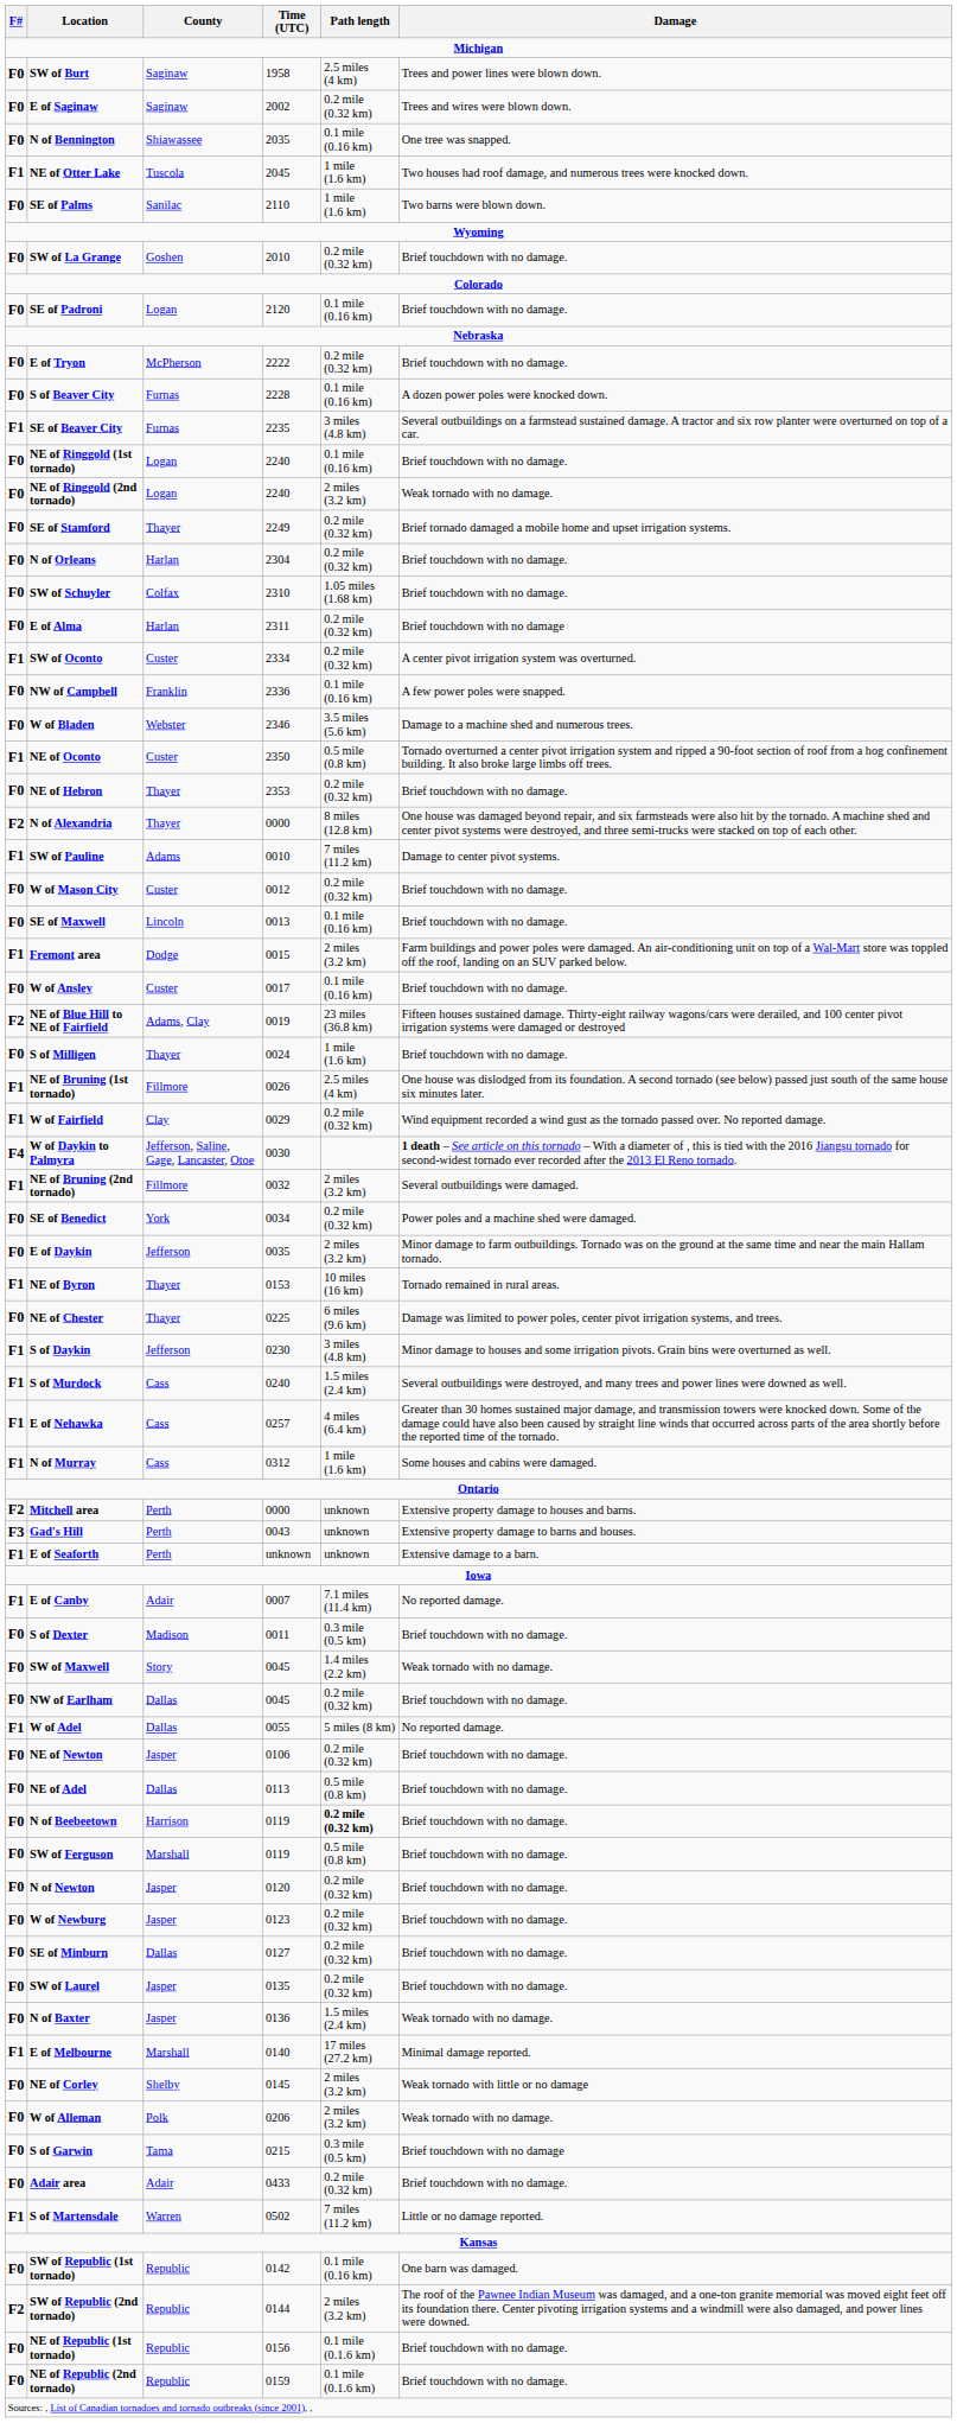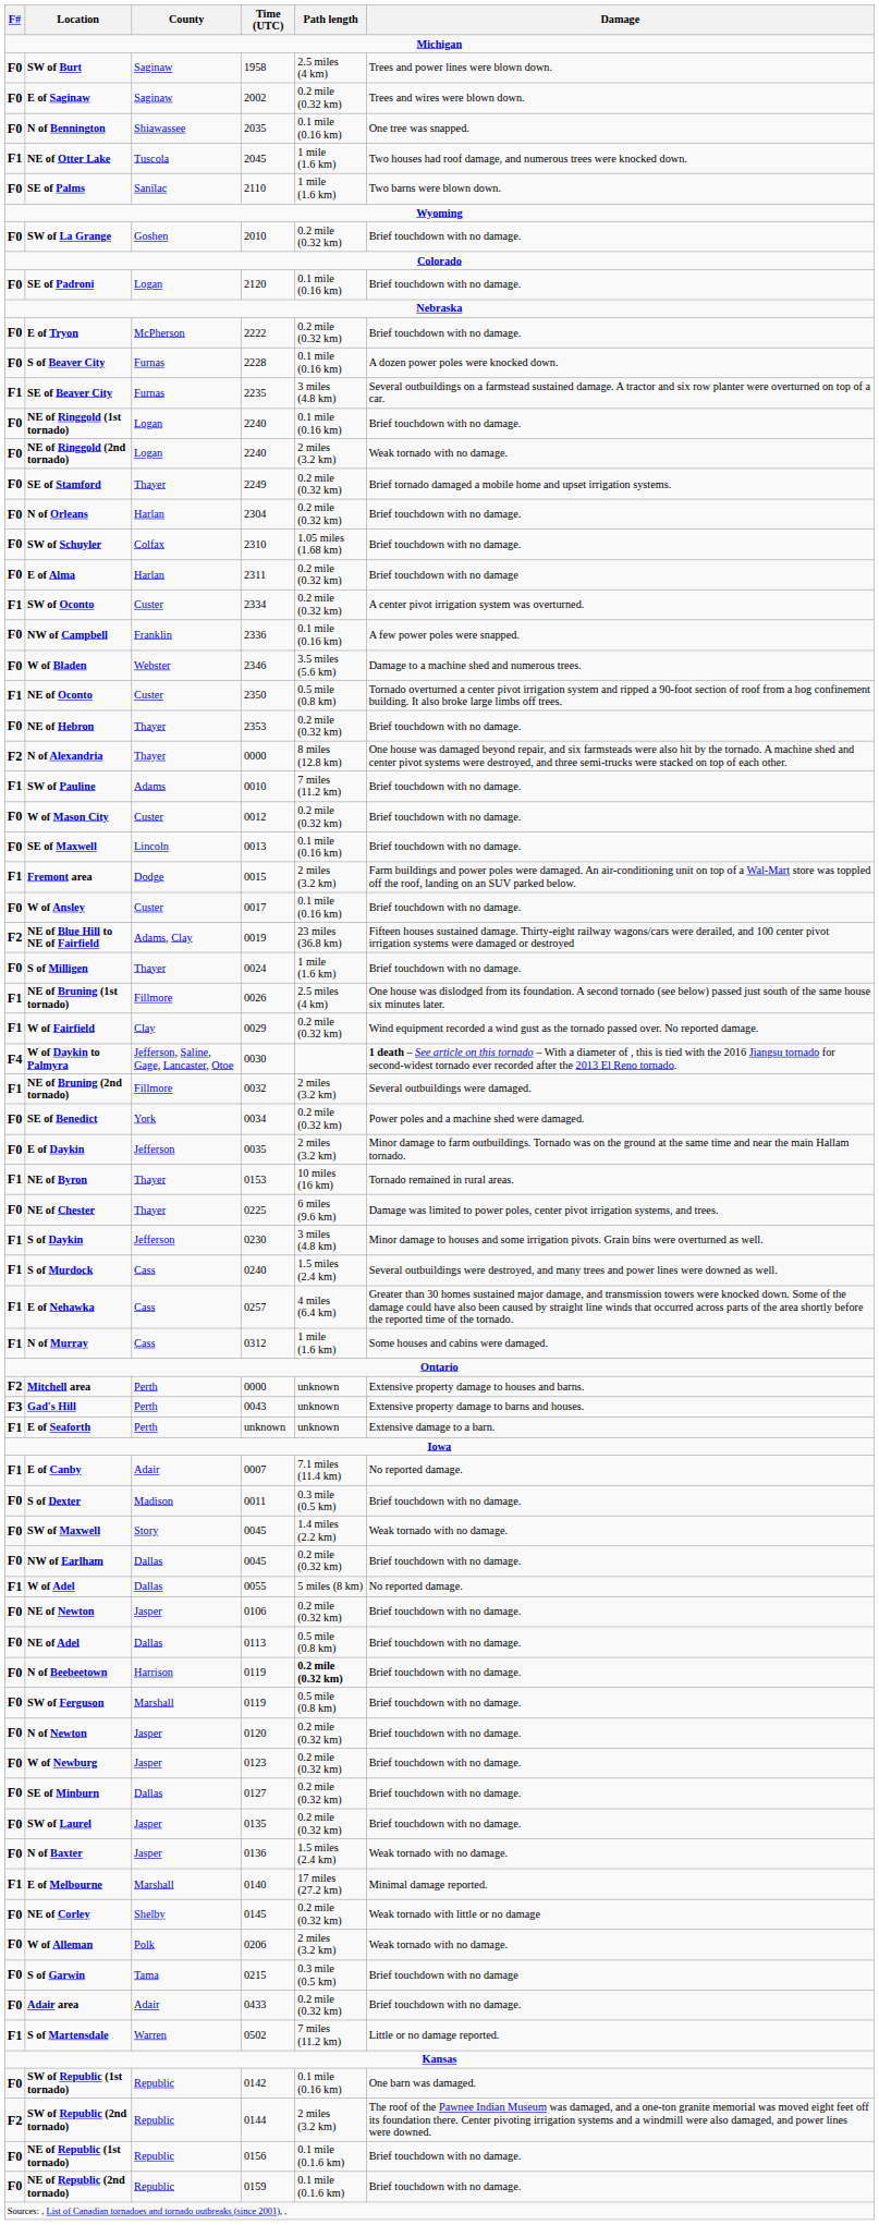 <table class="wikitable">
 <tr>
 <th><strong><a href='#'>F#</a></strong></th>
 <th><strong>Location</strong></th>
 <th><strong>County</strong></th>
 <th><strong>Time (UTC)</strong></th>
 <th><strong>Path length</strong></th>
 <th><strong>Damage</strong></th>
 </tr>
 <tr>
 <td colspan="7" align=center><strong><a href='#'>Michigan</a></strong></td>
 </tr>
 <tr>
 <td><big><strong>F0</strong></big></td>
 <td><strong>SW of <a href='#'>Burt</a></strong></td>
 <td><a href='#'>Saginaw</a></td>
 <td>1958</td>
 <td>2.5 miles (4 km)</td>
 <td>Trees and power lines were blown down.</td>
 </tr>
 <tr>
 <td><big><strong>F0</strong></big></td>
 <td><strong>E of <a href='#'>Saginaw</a></strong></td>
 <td><a href='#'>Saginaw</a></td>
 <td>2002</td>
 <td>0.2 mile (0.32 km)</td>
 <td>Trees and wires were blown down.</td>
 </tr>
 <tr>
 <td><big><strong>F0</strong></big></td>
 <td><strong>N of <a href='#'>Bennington</a></strong></td>
 <td><a href='#'>Shiawassee</a></td>
 <td>2035</td>
 <td>0.1 mile (0.16 km)</td>
 <td>One tree was snapped.</td>
 </tr>
 <tr>
 <td><big><strong>F1</strong></big></td>
 <td><strong>NE of <a href='#'>Otter Lake</a></strong></td>
 <td><a href='#'>Tuscola</a></td>
 <td>2045</td>
 <td>1 mile (1.6 km)</td>
 <td>Two houses had roof damage, and numerous trees were knocked down.</td>
 </tr>
 <tr>
 <td><big><strong>F0</strong></big></td>
 <td><strong>SE of <a href='#'>Palms</a></strong></td>
 <td><a href='#'>Sanilac</a></td>
 <td>2110</td>
 <td>1 mile (1.6 km)</td>
 <td>Two barns were blown down.</td>
 </tr>
 <tr>
 <td colspan="7" align=center><strong><a href='#'>Wyoming</a></strong></td>
 </tr>
 <tr>
 <td><big><strong>F0</strong></big></td>
 <td><strong>SW of <a href='#'>La Grange</a></strong></td>
 <td><a href='#'>Goshen</a></td>
 <td>2010</td>
 <td>0.2 mile (0.32 km)</td>
 <td>Brief touchdown with no damage.</td>
 </tr>
 <tr>
 <td colspan="7" align=center><strong><a href='#'>Colorado</a></strong></td>
 </tr>
 <tr>
 <td><big><strong>F0</strong></big></td>
 <td><strong>SE of <a href='#'>Padroni</a></strong></td>
 <td><a href='#'>Logan</a></td>
 <td>2120</td>
 <td>0.1 mile (0.16 km)</td>
 <td>Brief touchdown with no damage.</td>
 </tr>
 <tr>
 <td colspan="7" align=center><strong><a href='#'>Nebraska</a></strong></td>
 </tr>
 <tr>
 <td><big><strong>F0</strong></big></td>
 <td><strong>E of <a href='#'>Tryon</a></strong></td>
 <td><a href='#'>McPherson</a></td>
 <td>2222</td>
 <td>0.2 mile (0.32 km)</td>
 <td>Brief touchdown with no damage.</td>
 </tr>
 <tr>
 <td><big><strong>F0</strong></big></td>
 <td><strong>S of <a href='#'>Beaver City</a></strong></td>
 <td><a href='#'>Furnas</a></td>
 <td>2228</td>
 <td>0.1 mile (0.16 km)</td>
 <td>A dozen power poles were knocked down.</td>
 </tr>
 <tr>
 <td><big><strong>F1</strong></big></td>
 <td><strong>SE of <a href='#'>Beaver City</a></strong></td>
 <td><a href='#'>Furnas</a></td>
 <td>2235</td>
 <td>3 miles (4.8 km)</td>
 <td>Several outbuildings on a farmstead sustained damage. A tractor and six row planter were overturned on top of a car.</td>
 </tr>
 <tr>
 <td><big><strong>F0</strong></big></td>
 <td><strong>NE of <a href='#'>Ringgold</a> (1st tornado)</strong></td>
 <td><a href='#'>Logan</a></td>
 <td>2240</td>
 <td>0.1 mile (0.16 km)</td>
 <td>Brief touchdown with no damage.</td>
 </tr>
 <tr>
 <td><big><strong>F0</strong></big></td>
 <td><strong>NE of <a href='#'>Ringgold</a> (2nd tornado)</strong></td>
 <td><a href='#'>Logan</a></td>
 <td>2240</td>
 <td>2 miles (3.2 km)</td>
 <td>Weak tornado with no damage.</td>
 </tr>
 <tr>
 <td><big><strong>F0</strong></big></td>
 <td><strong>SE of <a href='#'>Stamford</a></strong></td>
 <td><a href='#'>Thayer</a></td>
 <td>2249</td>
 <td>0.2 mile (0.32 km)</td>
 <td>Brief tornado damaged a mobile home and upset irrigation systems.</td>
 </tr>
 <tr>
 <td><big><strong>F0</strong></big></td>
 <td><strong>N of <a href='#'>Orleans</a></strong></td>
 <td><a href='#'>Harlan</a></td>
 <td>2304</td>
 <td>0.2 mile (0.32 km)</td>
 <td>Brief touchdown with no damage.</td>
 </tr>
 <tr>
 <td><big><strong>F0</strong></big></td>
 <td><strong>SW of <a href='#'>Schuyler</a></strong></td>
 <td><a href='#'>Colfax</a></td>
 <td>2310</td>
 <td>1.05 miles (1.68 km)</td>
 <td>Brief touchdown with no damage.</td>
 </tr>
 <tr>
 <td><big><strong>F0</strong></big></td>
 <td><strong>E of <a href='#'>Alma</a></strong></td>
 <td><a href='#'>Harlan</a></td>
 <td>2311</td>
 <td>0.2 mile (0.32 km)</td>
 <td>Brief touchdown with no damage</td>
 </tr>
 <tr>
 <td><big><strong>F1</strong></big></td>
 <td><strong>SW of <a href='#'>Oconto</a></strong></td>
 <td><a href='#'>Custer</a></td>
 <td>2334</td>
 <td>0.2 mile (0.32 km)</td>
 <td>A center pivot irrigation system was overturned.</td>
 </tr>
 <tr>
 <td><big><strong>F0</strong></big></td>
 <td><strong>NW of <a href='#'>Campbell</a></strong></td>
 <td><a href='#'>Franklin</a></td>
 <td>2336</td>
 <td>0.1 mile (0.16 km)</td>
 <td>A few power poles were snapped.</td>
 </tr>
 <tr>
 <td><big><strong>F0</strong></big></td>
 <td><strong>W of <a href='#'>Bladen</a></strong></td>
 <td><a href='#'>Webster</a></td>
 <td>2346</td>
 <td>3.5 miles (5.6 km)</td>
 <td>Damage to a machine shed and numerous trees.</td>
 </tr>
 <tr>
 <td><big><strong>F1</strong></big></td>
 <td><strong>NE of <a href='#'>Oconto</a></strong></td>
 <td><a href='#'>Custer</a></td>
 <td>2350</td>
 <td>0.5 mile (0.8 km)</td>
 <td>Tornado overturned a center pivot irrigation system and ripped a 90-foot section of roof from a hog confinement building. It also broke large limbs off trees.</td>
 </tr>
 <tr>
 <td><big><strong>F0</strong></big></td>
 <td><strong>NE of <a href='#'>Hebron</a></strong></td>
 <td><a href='#'>Thayer</a></td>
 <td>2353</td>
 <td>0.2 mile (0.32 km)</td>
 <td>Brief touchdown with no damage.</td>
 </tr>
 <tr>
 <td><big><strong>F2</strong></big></td>
 <td><strong>N of <a href='#'>Alexandria</a></strong></td>
 <td><a href='#'>Thayer</a></td>
 <td>0000</td>
 <td>8 miles (12.8 km)</td>
 <td>One house was damaged beyond repair, and six farmsteads were also hit by the tornado. A machine shed and center pivot systems were destroyed, and three semi-trucks were stacked on top of each other.</td>
 </tr>
 <tr>
 <td><big><strong>F1</strong></big></td>
 <td><strong>SW of <a href='#'>Pauline</a></strong></td>
 <td><a href='#'>Adams</a></td>
 <td>0010</td>
 <td>7 miles (11.2 km)</td>
-<td>Damage to center pivot systems.</td>
+<td>Brief touchdown with no damage.</td>
 </tr>
 <tr>
 <td><big><strong>F0</strong></big></td>
 <td><strong>W of <a href='#'>Mason City</a></strong></td>
 <td><a href='#'>Custer</a></td>
 <td>0012</td>
 <td>0.2 mile (0.32 km)</td>
 <td>Brief touchdown with no damage.</td>
 </tr>
 <tr>
 <td><big><strong>F0</strong></big></td>
 <td><strong>SE of <a href='#'>Maxwell</a></strong></td>
 <td><a href='#'>Lincoln</a></td>
 <td>0013</td>
 <td>0.1 mile (0.16 km)</td>
 <td>Brief touchdown with no damage.</td>
 </tr>
 <tr>
 <td><big><strong>F1</strong></big></td>
 <td><strong><a href='#'>Fremont</a> area</strong></td>
 <td><a href='#'>Dodge</a></td>
 <td>0015</td>
 <td>2 miles (3.2 km)</td>
 <td>Farm buildings and power poles were damaged. An air-conditioning unit on top of a <a href='#'>Wal-Mart</a> store was toppled off the roof, landing on an SUV parked below.</td>
 </tr>
 <tr>
 <td><big><strong>F0</strong></big></td>
 <td><strong>W of <a href='#'>Ansley</a></strong></td>
 <td><a href='#'>Custer</a></td>
 <td>0017</td>
 <td>0.1 mile (0.16 km)</td>
 <td>Brief touchdown with no damage.</td>
 </tr>
 <tr>
 <td><big><strong>F2</strong></big></td>
 <td><strong>NE of <a href='#'>Blue Hill</a> to NE of <a href='#'>Fairfield</a></strong></td>
 <td><a href='#'>Adams</a>, <a href='#'>Clay</a></td>
 <td>0019</td>
 <td>23 miles (36.8 km)</td>
 <td>Fifteen houses sustained damage. Thirty-eight railway wagons/cars were derailed, and 100 center pivot irrigation systems were damaged or destroyed</td>
 </tr>
 <tr>
 <td><big><strong>F0</strong></big></td>
 <td><strong>S of <a href='#'>Milligen</a></strong></td>
 <td><a href='#'>Thayer</a></td>
 <td>0024</td>
 <td>1 mile (1.6 km)</td>
 <td>Brief touchdown with no damage.</td>
 </tr>
 <tr>
 <td><big><strong>F1</strong></big></td>
 <td><strong>NE of <a href='#'>Bruning</a> (1st tornado)</strong></td>
 <td><a href='#'>Fillmore</a></td>
 <td>0026</td>
 <td>2.5 miles (4 km)</td>
 <td>One house was dislodged from its foundation. A second tornado (see below) passed just south of the same house six minutes later.</td>
 </tr>
 <tr>
 <td><big><strong>F1</strong></big></td>
 <td><strong>W of <a href='#'>Fairfield</a></strong></td>
 <td><a href='#'>Clay</a></td>
 <td>0029</td>
 <td>0.2 mile (0.32 km)</td>
 <td>Wind equipment recorded a  wind gust as the tornado passed over. No reported damage.</td>
 </tr>
 <tr>
 <td><big><strong>F4</strong></big></td>
 <td><strong>W of <a href='#'>Daykin</a> to <a href='#'>Palmyra</a></strong></td>
 <td><a href='#'>Jefferson</a>, <a href='#'>Saline</a>, <a href='#'>Gage</a>, <a href='#'>Lancaster</a>, <a href='#'>Otoe</a></td>
 <td>0030</td>
 <td></td>
 <td><strong>1 death</strong> – <em><a href='#'>See article on this tornado</a></em> – With a diameter of , this is tied with the 2016 <a href='#'>Jiangsu tornado</a> for second-widest tornado ever recorded after the <a href='#'>2013 El Reno tornado</a>.</td>
 </tr>
 <tr>
 <td><big><strong>F1</strong></big></td>
 <td><strong>NE of <a href='#'>Bruning</a> (2nd tornado)</strong></td>
 <td><a href='#'>Fillmore</a></td>
 <td>0032</td>
 <td>2 miles (3.2 km)</td>
 <td>Several outbuildings were damaged.</td>
 </tr>
 <tr>
 <td><big><strong>F0</strong></big></td>
 <td><strong>SE of <a href='#'>Benedict</a></strong></td>
 <td><a href='#'>York</a></td>
 <td>0034</td>
 <td>0.2 mile (0.32 km)</td>
 <td>Power poles and a machine shed were damaged.</td>
 </tr>
 <tr>
 <td><big><strong>F0</strong></big></td>
 <td><strong>E of <a href='#'>Daykin</a></strong></td>
 <td><a href='#'>Jefferson</a></td>
 <td>0035</td>
 <td>2 miles (3.2 km)</td>
 <td>Minor damage to farm outbuildings. Tornado was on the ground at the same time and near the main Hallam tornado.</td>
 </tr>
 <tr>
 <td><big><strong>F1</strong></big></td>
 <td><strong>NE of <a href='#'>Byron</a></strong></td>
 <td><a href='#'>Thayer</a></td>
 <td>0153</td>
 <td>10 miles (16 km)</td>
 <td>Tornado remained in rural areas.</td>
 </tr>
 <tr>
 <td><big><strong>F0</strong></big></td>
 <td><strong>NE of <a href='#'>Chester</a></strong></td>
 <td><a href='#'>Thayer</a></td>
 <td>0225</td>
 <td>6 miles (9.6 km)</td>
 <td>Damage was limited to power poles, center pivot irrigation systems, and trees.</td>
 </tr>
 <tr>
 <td><big><strong>F1</strong></big></td>
 <td><strong>S of <a href='#'>Daykin</a></strong></td>
 <td><a href='#'>Jefferson</a></td>
 <td>0230</td>
 <td>3 miles (4.8 km)</td>
 <td>Minor damage to houses and some irrigation pivots. Grain bins were overturned as well.</td>
 </tr>
 <tr>
 <td><big><strong>F1</strong></big></td>
 <td><strong>S of <a href='#'>Murdock</a></strong></td>
 <td><a href='#'>Cass</a></td>
 <td>0240</td>
 <td>1.5 miles (2.4 km)</td>
 <td>Several outbuildings were destroyed, and many trees and power lines were downed as well.</td>
 </tr>
 <tr>
 <td><big><strong>F1</strong></big></td>
 <td><strong>E of <a href='#'>Nehawka</a></strong></td>
 <td><a href='#'>Cass</a></td>
 <td>0257</td>
 <td>4 miles (6.4 km)</td>
 <td>Greater than 30 homes sustained major damage, and transmission towers were knocked down. Some of the damage could have also been caused by straight line winds that occurred across parts of the area shortly before the reported time of the tornado.</td>
 </tr>
 <tr>
 <td><big><strong>F1</strong></big></td>
 <td><strong>N of <a href='#'>Murray</a></strong></td>
 <td><a href='#'>Cass</a></td>
 <td>0312</td>
 <td>1 mile (1.6 km)</td>
 <td>Some houses and cabins were damaged.</td>
 </tr>
 <tr>
 <td colspan="7" align=center><strong><a href='#'>Ontario</a></strong></td>
 </tr>
 <tr>
 <td><big><strong>F2</strong></big></td>
 <td><strong><a href='#'>Mitchell</a> area</strong></td>
 <td><a href='#'>Perth</a></td>
 <td>0000</td>
 <td>unknown</td>
 <td>Extensive property damage to houses and barns. </td>
 </tr>
 <tr>
 <td><big><strong>F3</strong></big></td>
 <td><strong><a href='#'>Gad's Hill</a></strong></td>
 <td><a href='#'>Perth</a></td>
 <td>0043</td>
 <td>unknown</td>
 <td>Extensive property damage to barns and houses.</td>
 </tr>
 <tr>
 <td><big><strong>F1</strong></big></td>
 <td><strong>E of <a href='#'>Seaforth</a></strong></td>
 <td><a href='#'>Perth</a></td>
 <td>unknown</td>
 <td>unknown</td>
 <td>Extensive damage to a barn.</td>
 </tr>
 <tr>
 <td colspan="7" align=center><strong><a href='#'>Iowa</a></strong></td>
 </tr>
 <tr>
 <td><big><strong>F1</strong></big></td>
 <td><strong>E of <a href='#'>Canby</a></strong></td>
 <td><a href='#'>Adair</a></td>
 <td>0007</td>
 <td>7.1 miles (11.4 km)</td>
 <td>No reported damage.</td>
 </tr>
 <tr>
 <td><big><strong>F0</strong></big></td>
 <td><strong>S of <a href='#'>Dexter</a></strong></td>
 <td><a href='#'>Madison</a></td>
 <td>0011</td>
 <td>0.3 mile (0.5 km)</td>
 <td>Brief touchdown with no damage.</td>
 </tr>
 <tr>
 <td><big><strong>F0</strong></big></td>
 <td><strong>SW of <a href='#'>Maxwell</a></strong></td>
 <td><a href='#'>Story</a></td>
 <td>0045</td>
 <td>1.4 miles (2.2 km)</td>
 <td>Weak tornado with no damage.</td>
 </tr>
 <tr>
 <td><big><strong>F0</strong></big></td>
 <td><strong>NW of <a href='#'>Earlham</a></strong></td>
 <td><a href='#'>Dallas</a></td>
 <td>0045</td>
 <td>0.2 mile (0.32 km)</td>
 <td>Brief touchdown with no damage.</td>
 </tr>
 <tr>
 <td><big><strong>F1</strong></big></td>
 <td><strong>W of <a href='#'>Adel</a></strong></td>
 <td><a href='#'>Dallas</a></td>
 <td>0055</td>
 <td>5 miles (8 km)</td>
 <td>No reported damage.</td>
 </tr>
 <tr>
 <td><big><strong>F0</strong></big></td>
 <td><strong>NE of <a href='#'>Newton</a></strong></td>
 <td><a href='#'>Jasper</a></td>
 <td>0106</td>
 <td>0.2 mile (0.32 km)</td>
 <td>Brief touchdown with no damage.</td>
 </tr>
 <tr>
 <td><big><strong>F0</strong></big></td>
 <td><strong>NE of <a href='#'>Adel</a></strong></td>
 <td><a href='#'>Dallas</a></td>
 <td>0113</td>
 <td>0.5 mile (0.8 km)</td>
 <td>Brief touchdown with no damage.</td>
 </tr>
 <tr>
 <td><big><strong>F0</strong></big></td>
 <td><strong>N of <a href='#'>Beebeetown</a></strong></td>
 <td><a href='#'>Harrison</a></td>
 <td>0119</td>
 <td><strong>0.2 mile (0.32 km)</strong></td>
 <td>Brief touchdown with no damage.</td>
 </tr>
 <tr>
 <td><big><strong>F0</strong></big></td>
 <td><strong>SW of <a href='#'>Ferguson</a></strong></td>
 <td><a href='#'>Marshall</a></td>
 <td>0119</td>
 <td>0.5 mile (0.8 km)</td>
 <td>Brief touchdown with no damage.</td>
 </tr>
 <tr>
 <td><big><strong>F0</strong></big></td>
 <td><strong>N of <a href='#'>Newton</a></strong></td>
 <td><a href='#'>Jasper</a></td>
 <td>0120</td>
 <td>0.2 mile (0.32 km)</td>
 <td>Brief touchdown with no damage.</td>
 </tr>
 <tr>
 <td><big><strong>F0</strong></big></td>
 <td><strong>W of <a href='#'>Newburg</a></strong></td>
 <td><a href='#'>Jasper</a></td>
 <td>0123</td>
 <td>0.2 mile (0.32 km)</td>
 <td>Brief touchdown with no damage.</td>
 </tr>
 <tr>
 <td><big><strong>F0</strong></big></td>
 <td><strong>SE of <a href='#'>Minburn</a></strong></td>
 <td><a href='#'>Dallas</a></td>
 <td>0127</td>
 <td>0.2 mile (0.32 km)</td>
 <td>Brief touchdown with no damage.</td>
 </tr>
 <tr>
 <td><big><strong>F0</strong></big></td>
 <td><strong>SW of <a href='#'>Laurel</a></strong></td>
 <td><a href='#'>Jasper</a></td>
 <td>0135</td>
 <td>0.2 mile (0.32 km)</td>
 <td>Brief touchdown with no damage.</td>
 </tr>
 <tr>
 <td><big><strong>F0</strong></big></td>
 <td><strong>N of <a href='#'>Baxter</a></strong></td>
 <td><a href='#'>Jasper</a></td>
 <td>0136</td>
 <td>1.5 miles (2.4 km)</td>
 <td>Weak tornado with no damage.</td>
 </tr>
 <tr>
 <td><big><strong>F1</strong></big></td>
 <td><strong>E of <a href='#'>Melbourne</a></strong></td>
 <td><a href='#'>Marshall</a></td>
 <td>0140</td>
 <td>17 miles (27.2 km)</td>
 <td>Minimal damage reported.</td>
 </tr>
 <tr>
 <td><big><strong>F0</strong></big></td>
 <td><strong>NE of <a href='#'>Corley</a></strong></td>
 <td><a href='#'>Shelby</a></td>
 <td>0145</td>
-<td>2 miles (3.2 km)</td>
+<td>0.2 mile (0.32 km)</td>
 <td>Weak tornado with little or no damage</td>
 </tr>
 <tr>
 <td><big><strong>F0</strong></big></td>
 <td><strong>W of <a href='#'>Alleman</a></strong></td>
 <td><a href='#'>Polk</a></td>
 <td>0206</td>
 <td>2 miles (3.2 km)</td>
 <td>Weak tornado with no damage.</td>
 </tr>
 <tr>
 <td><big><strong>F0</strong></big></td>
 <td><strong>S of <a href='#'>Garwin</a></strong></td>
 <td><a href='#'>Tama</a></td>
 <td>0215</td>
 <td>0.3 mile (0.5 km)</td>
 <td>Brief touchdown with no damage</td>
 </tr>
 <tr>
 <td><big><strong>F0</strong></big></td>
 <td><strong><a href='#'>Adair</a> area</strong></td>
 <td><a href='#'>Adair</a></td>
 <td>0433</td>
 <td>0.2 mile (0.32 km)</td>
 <td>Brief touchdown with no damage.</td>
 </tr>
 <tr>
 <td><big><strong>F1</strong></big></td>
 <td><strong>S of <a href='#'>Martensdale</a></strong></td>
 <td><a href='#'>Warren</a></td>
 <td>0502</td>
 <td>7 miles (11.2 km)</td>
 <td>Little or no damage reported.</td>
 </tr>
 <tr>
 <td colspan="7" align=center><strong><a href='#'>Kansas</a></strong></td>
 </tr>
 <tr>
 <td><big><strong>F0</strong></big></td>
 <td><strong>SW of <a href='#'>Republic</a> (1st tornado)</strong></td>
 <td><a href='#'>Republic</a></td>
 <td>0142</td>
 <td>0.1 mile (0.16 km)</td>
 <td>One barn was damaged.</td>
 </tr>
 <tr>
 <td><big><strong>F2</strong></big></td>
 <td><strong>SW of <a href='#'>Republic</a> (2nd tornado)</strong></td>
 <td><a href='#'>Republic</a></td>
 <td>0144</td>
 <td>2 miles (3.2 km)</td>
 <td>The roof of the <a href='#'>Pawnee Indian Museum</a> was damaged, and a one-ton granite memorial was moved eight feet off its foundation there. Center pivoting irrigation systems and a windmill were also damaged, and power lines were downed.</td>
 </tr>
 <tr>
 <td><big><strong>F0</strong></big></td>
 <td><strong>NE of <a href='#'>Republic</a> (1st tornado)</strong></td>
 <td><a href='#'>Republic</a></td>
 <td>0156</td>
 <td>0.1 mile (0.1.6 km)</td>
 <td>Brief touchdown with no damage.</td>
 </tr>
 <tr>
 <td><big><strong>F0</strong></big></td>
 <td><strong>NE of <a href='#'>Republic</a> (2nd tornado)</strong></td>
 <td><a href='#'>Republic</a></td>
 <td>0159</td>
 <td>0.1 mile (0.1.6 km)</td>
 <td>Brief touchdown with no damage.</td>
 </tr>
 <tr>
 <td colspan="7"><small>Sources: , <a href='#'>List of Canadian tornadoes and tornado outbreaks (since 2001)</a>, , </small></td>
 </tr>
 </table>
